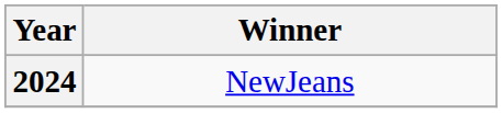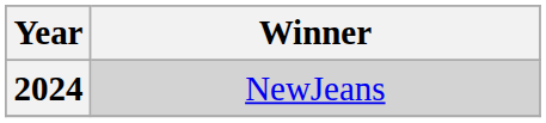 <table class="wikitable plainrowheaders" style="text-align:center">
 <tr>
 <th scope="col">Year</th>
 <th scope="col" width="200">Winner</th>
 </tr>
 <tr>
 <th scope="row">2024</th>
-<td><a href='#'>NewJeans</a></td>
+<td style="background: lightgrey;"><a href='#'>NewJeans</a></td>
 </tr>
 <tr>
 </tr>
 </table>
